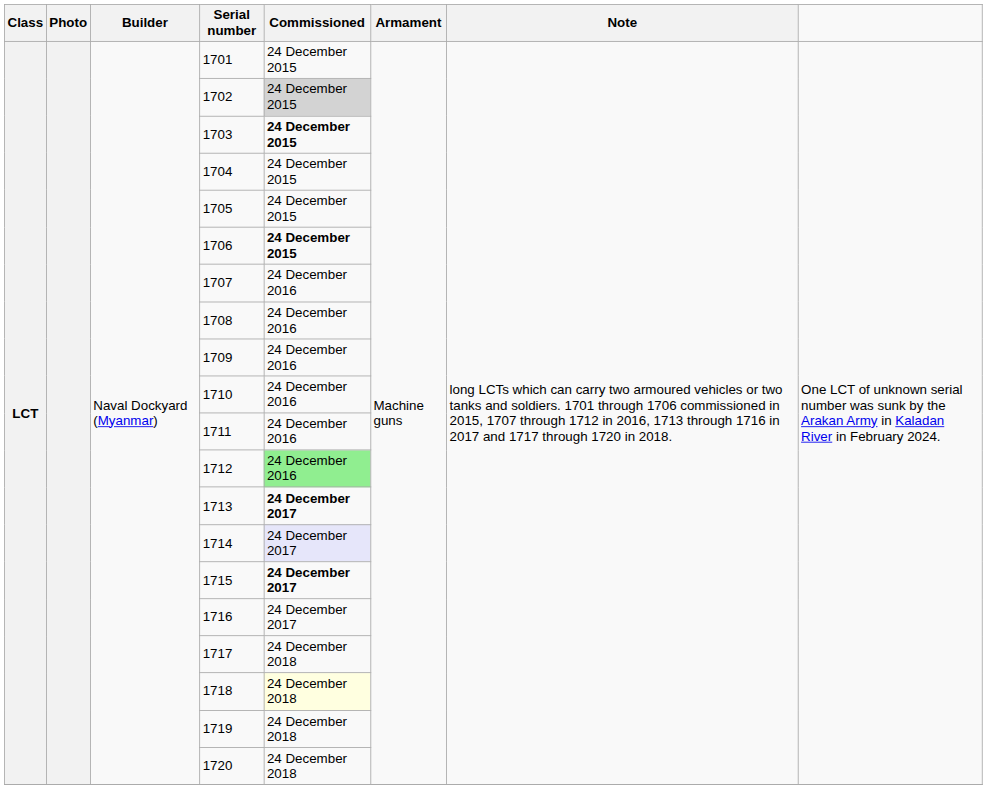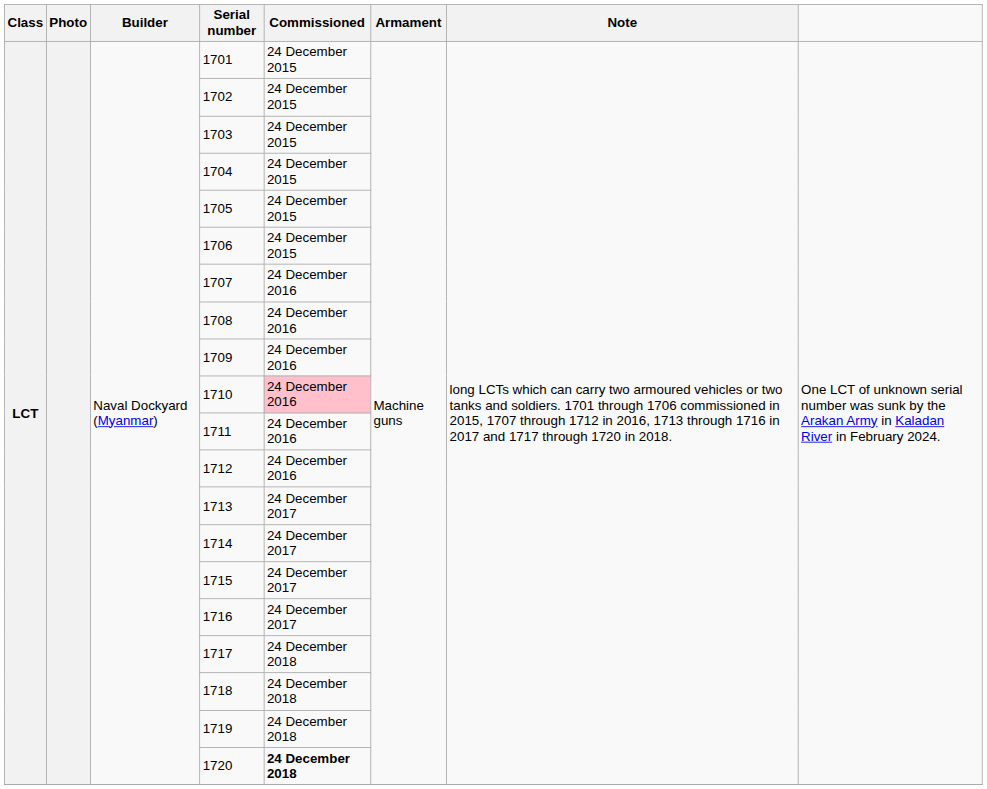 <table class="wikitable" style="font-size:97%; width:90%">
 <tr>
 <th>Class</th>
 <th>Photo</th>
 <th width="120">Builder</th>
 <th>Serial number</th>
 <th>Commissioned</th>
 <th>Armament</th>
 <th>Note</th>
 </tr>
 <tr>
 <th rowspan="20">LCT</th>
 <th rowspan="20"></th>
 <td rowspan="20">Naval Dockyard (<a href='#'>Myanmar</a>) </td>
 <td>1701</td>
 <td>24 December 2015</td>
 <td rowspan="20">Machine guns</td>
 <td rowspan="20"> long LCTs which can carry two armoured vehicles or two tanks and soldiers. 1701 through 1706 commissioned in 2015, 1707 through 1712 in 2016, 1713 through 1716 in 2017 and 1717 through 1720 in 2018.</td>
 <td rowspan="20">One LCT of unknown serial number was sunk by the <a href='#'>Arakan Army</a> in <a href='#'>Kaladan River</a> in February 2024.</td>
 </tr>
 <tr>
 <td>1702</td>
-<td style="background: lightgrey;">24 December 2015</td>
+<td>24 December 2015</td>
 </tr>
 <tr>
 <td>1703</td>
-<td><strong>24 December 2015</strong></td>
+<td>24 December 2015</td>
 </tr>
 <tr>
 <td>1704</td>
 <td>24 December 2015</td>
 </tr>
 <tr>
 <td>1705</td>
 <td>24 December 2015</td>
 </tr>
 <tr>
 <td>1706</td>
-<td><strong>24 December 2015</strong></td>
+<td>24 December 2015</td>
 </tr>
 <tr>
 <td>1707</td>
 <td>24 December 2016</td>
 </tr>
 <tr>
 <td>1708</td>
 <td>24 December 2016</td>
 </tr>
 <tr>
 <td>1709</td>
 <td>24 December 2016</td>
 </tr>
 <tr>
 <td>1710</td>
-<td>24 December 2016</td>
+<td style="background: pink;">24 December 2016</td>
 </tr>
 <tr>
 <td>1711</td>
 <td>24 December 2016</td>
 </tr>
 <tr>
 <td>1712</td>
-<td style="background: lightgreen;">24 December 2016</td>
+<td>24 December 2016</td>
 </tr>
 <tr>
 <td>1713</td>
-<td><strong>24 December 2017</strong></td>
+<td>24 December 2017</td>
 </tr>
 <tr>
 <td>1714</td>
-<td style="background: lavender;">24 December 2017</td>
+<td>24 December 2017</td>
 </tr>
 <tr>
 <td>1715</td>
-<td><strong>24 December 2017</strong></td>
+<td>24 December 2017</td>
 </tr>
 <tr>
 <td>1716</td>
 <td>24 December 2017</td>
 </tr>
 <tr>
 <td>1717</td>
 <td>24 December 2018</td>
 </tr>
 <tr>
 <td>1718</td>
-<td style="background: lightyellow;">24 December 2018</td>
+<td>24 December 2018</td>
 </tr>
 <tr>
 <td>1719</td>
 <td>24 December 2018</td>
 </tr>
 <tr>
 <td>1720</td>
-<td>24 December 2018</td>
+<td><strong>24 December 2018</strong></td>
 </tr>
 <tr>
 </tr>
 </table>
